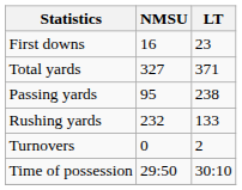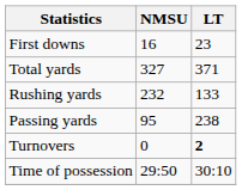 <table class="wikitable" style="float: left;">
 <tr>
 <th>Statistics</th>
 <th>NMSU</th>
 <th>LT</th>
 </tr>
 <tr>
 <td>First downs</td>
 <td>16</td>
 <td>23</td>
 </tr>
 <tr>
 <td>Total yards</td>
 <td>327</td>
 <td>371</td>
 </tr>
 <tr>
+<td>Rushing yards</td>
+<td>232</td>
+<td>133</td>
+</tr>
+<tr>
 <td>Passing yards</td>
 <td>95</td>
 <td>238</td>
 </tr>
 <tr>
-<td>Rushing yards</td>
-<td>232</td>
-<td>133</td>
-</tr>
-<tr>
 <td>Turnovers</td>
 <td>0</td>
-<td>2</td>
+<td><strong>2</strong></td>
 </tr>
 <tr>
 <td>Time of possession</td>
 <td>29:50</td>
 <td>30:10</td>
 </tr>
 <tr>
 </tr>
 </table>
